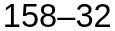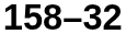 <table style="text-align:center">
 <tr>
 <th width=200></th>
 <th width=100></th>
 <th width=200></th>
 </tr>
 <tr>
 <td align=right><strong></strong></td>
-<td align=center>158–32</td>
+<td align=center><strong>158–32</strong></td>
 <td align=left></td>
 </tr>
 </table>
